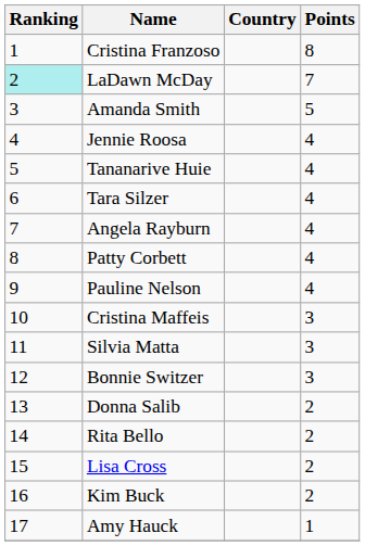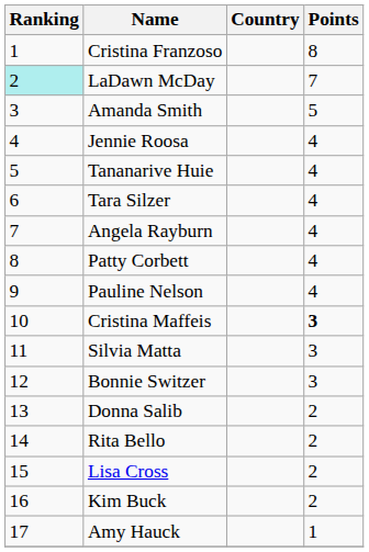 <table class="wikitable">
 <tr>
 <th>Ranking</th>
 <th>Name</th>
 <th>Country</th>
 <th>Points</th>
 </tr>
 <tr>
 <td>1</td>
 <td>Cristina Franzoso</td>
 <td></td>
 <td>8</td>
 </tr>
 <tr>
 <td style="background: paleturquoise;">2</td>
 <td>LaDawn McDay</td>
 <td></td>
 <td>7</td>
 </tr>
 <tr>
 <td>3</td>
 <td>Amanda Smith</td>
 <td></td>
 <td>5</td>
 </tr>
 <tr>
 <td>4</td>
 <td>Jennie Roosa</td>
 <td></td>
 <td>4</td>
 </tr>
 <tr>
 <td>5</td>
 <td>Tananarive Huie</td>
 <td></td>
 <td>4</td>
 </tr>
 <tr>
 <td>6</td>
 <td>Tara Silzer</td>
 <td></td>
 <td>4</td>
 </tr>
 <tr>
 <td>7</td>
 <td>Angela Rayburn</td>
 <td></td>
 <td>4</td>
 </tr>
 <tr>
 <td>8</td>
 <td>Patty Corbett</td>
 <td></td>
 <td>4</td>
 </tr>
 <tr>
 <td>9</td>
 <td>Pauline Nelson</td>
 <td></td>
 <td>4</td>
 </tr>
 <tr>
 <td>10</td>
 <td>Cristina Maffeis</td>
 <td></td>
-<td>3</td>
+<td><strong>3</strong></td>
 </tr>
 <tr>
 <td>11</td>
 <td>Silvia Matta</td>
 <td></td>
 <td>3</td>
 </tr>
 <tr>
 <td>12</td>
 <td>Bonnie Switzer</td>
 <td></td>
 <td>3</td>
 </tr>
 <tr>
 <td>13</td>
 <td>Donna Salib</td>
 <td></td>
 <td>2</td>
 </tr>
 <tr>
 <td>14</td>
 <td>Rita Bello</td>
 <td></td>
 <td>2</td>
 </tr>
 <tr>
 <td>15</td>
 <td><a href='#'>Lisa Cross</a></td>
 <td></td>
 <td>2</td>
 </tr>
 <tr>
 <td>16</td>
 <td>Kim Buck</td>
 <td></td>
 <td>2</td>
 </tr>
 <tr>
 <td>17</td>
 <td>Amy Hauck</td>
 <td></td>
 <td>1</td>
 </tr>
 <tr>
 </tr>
 </table>
